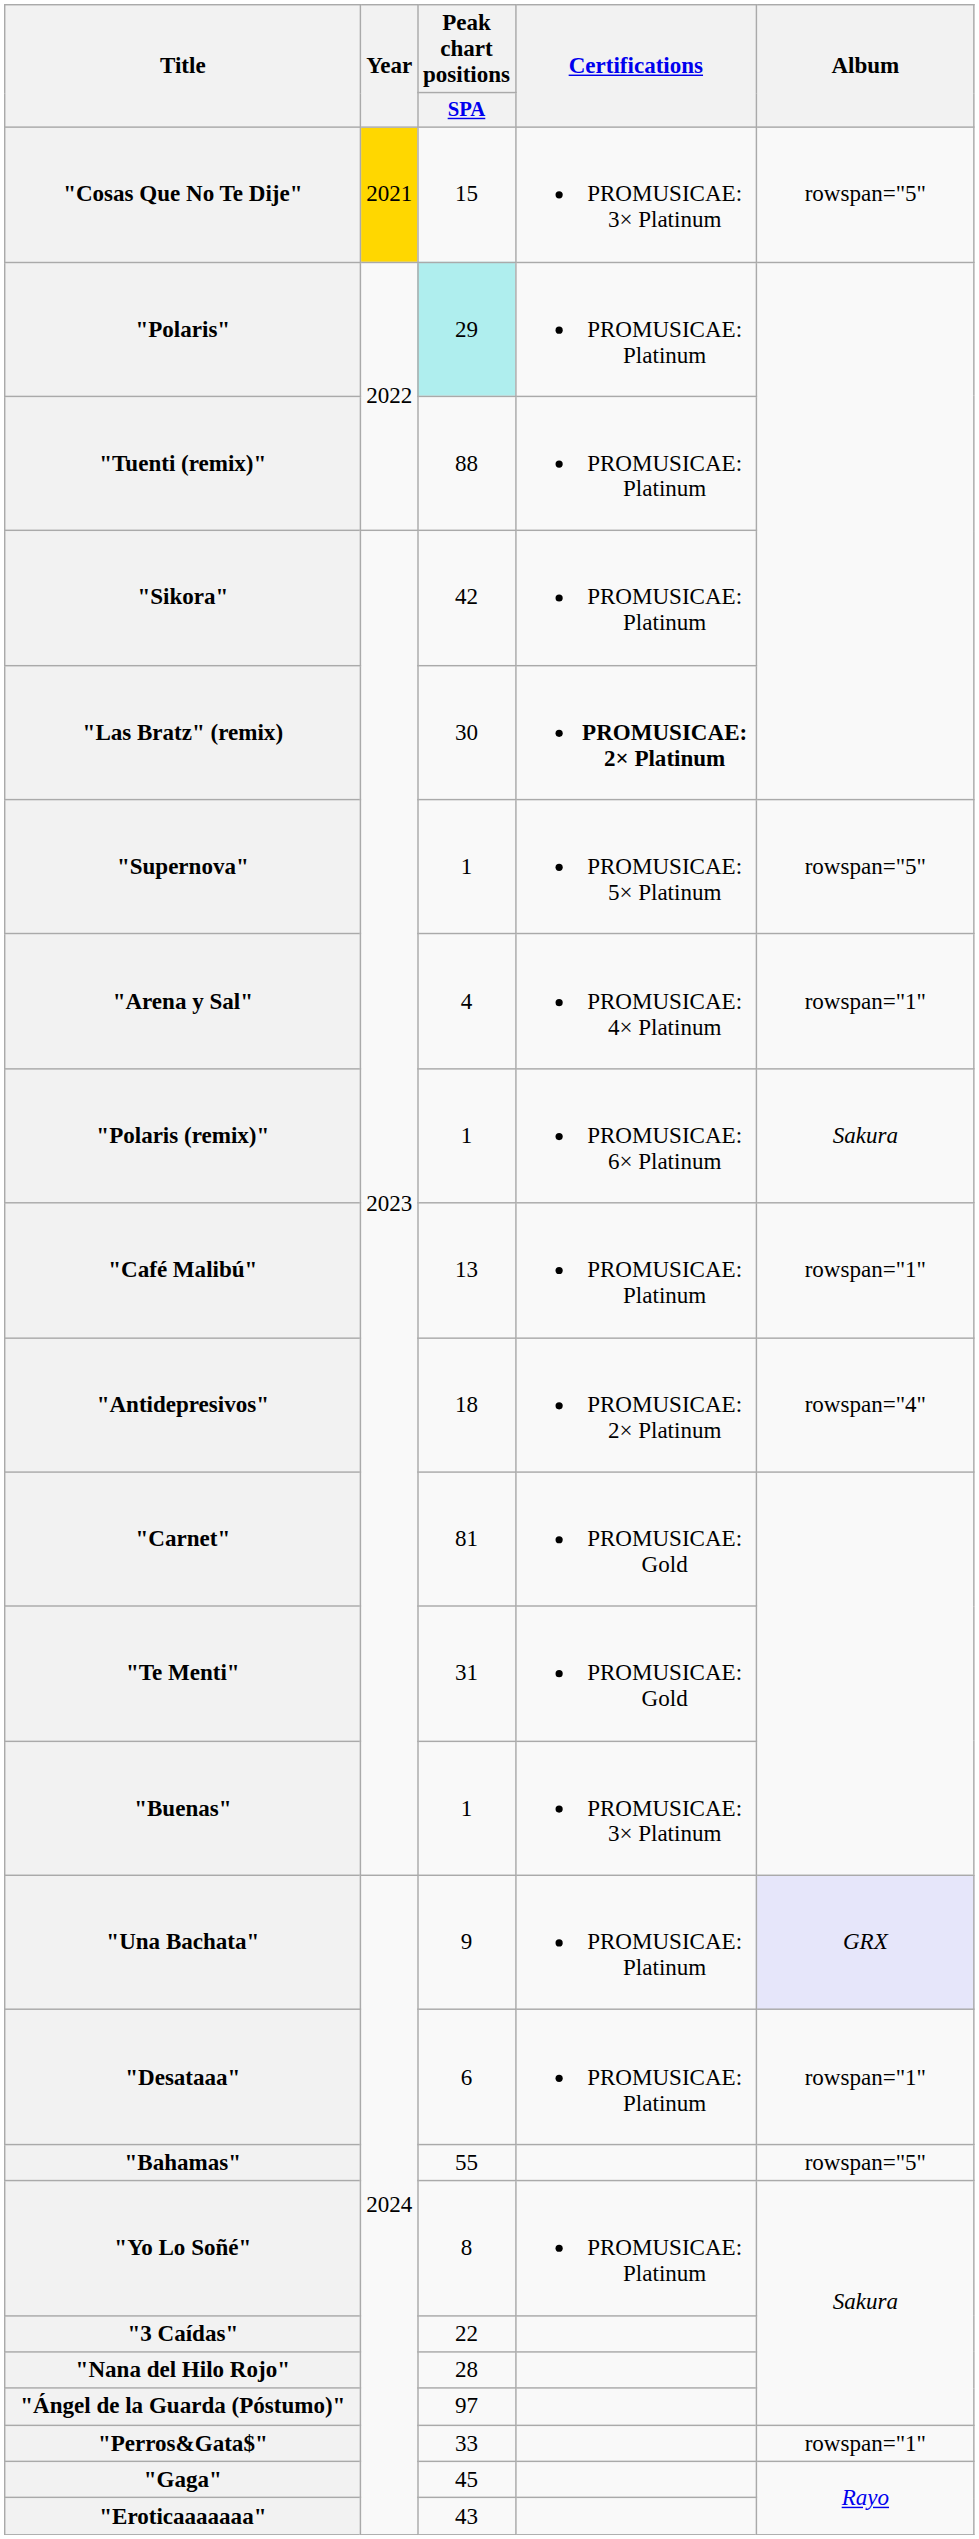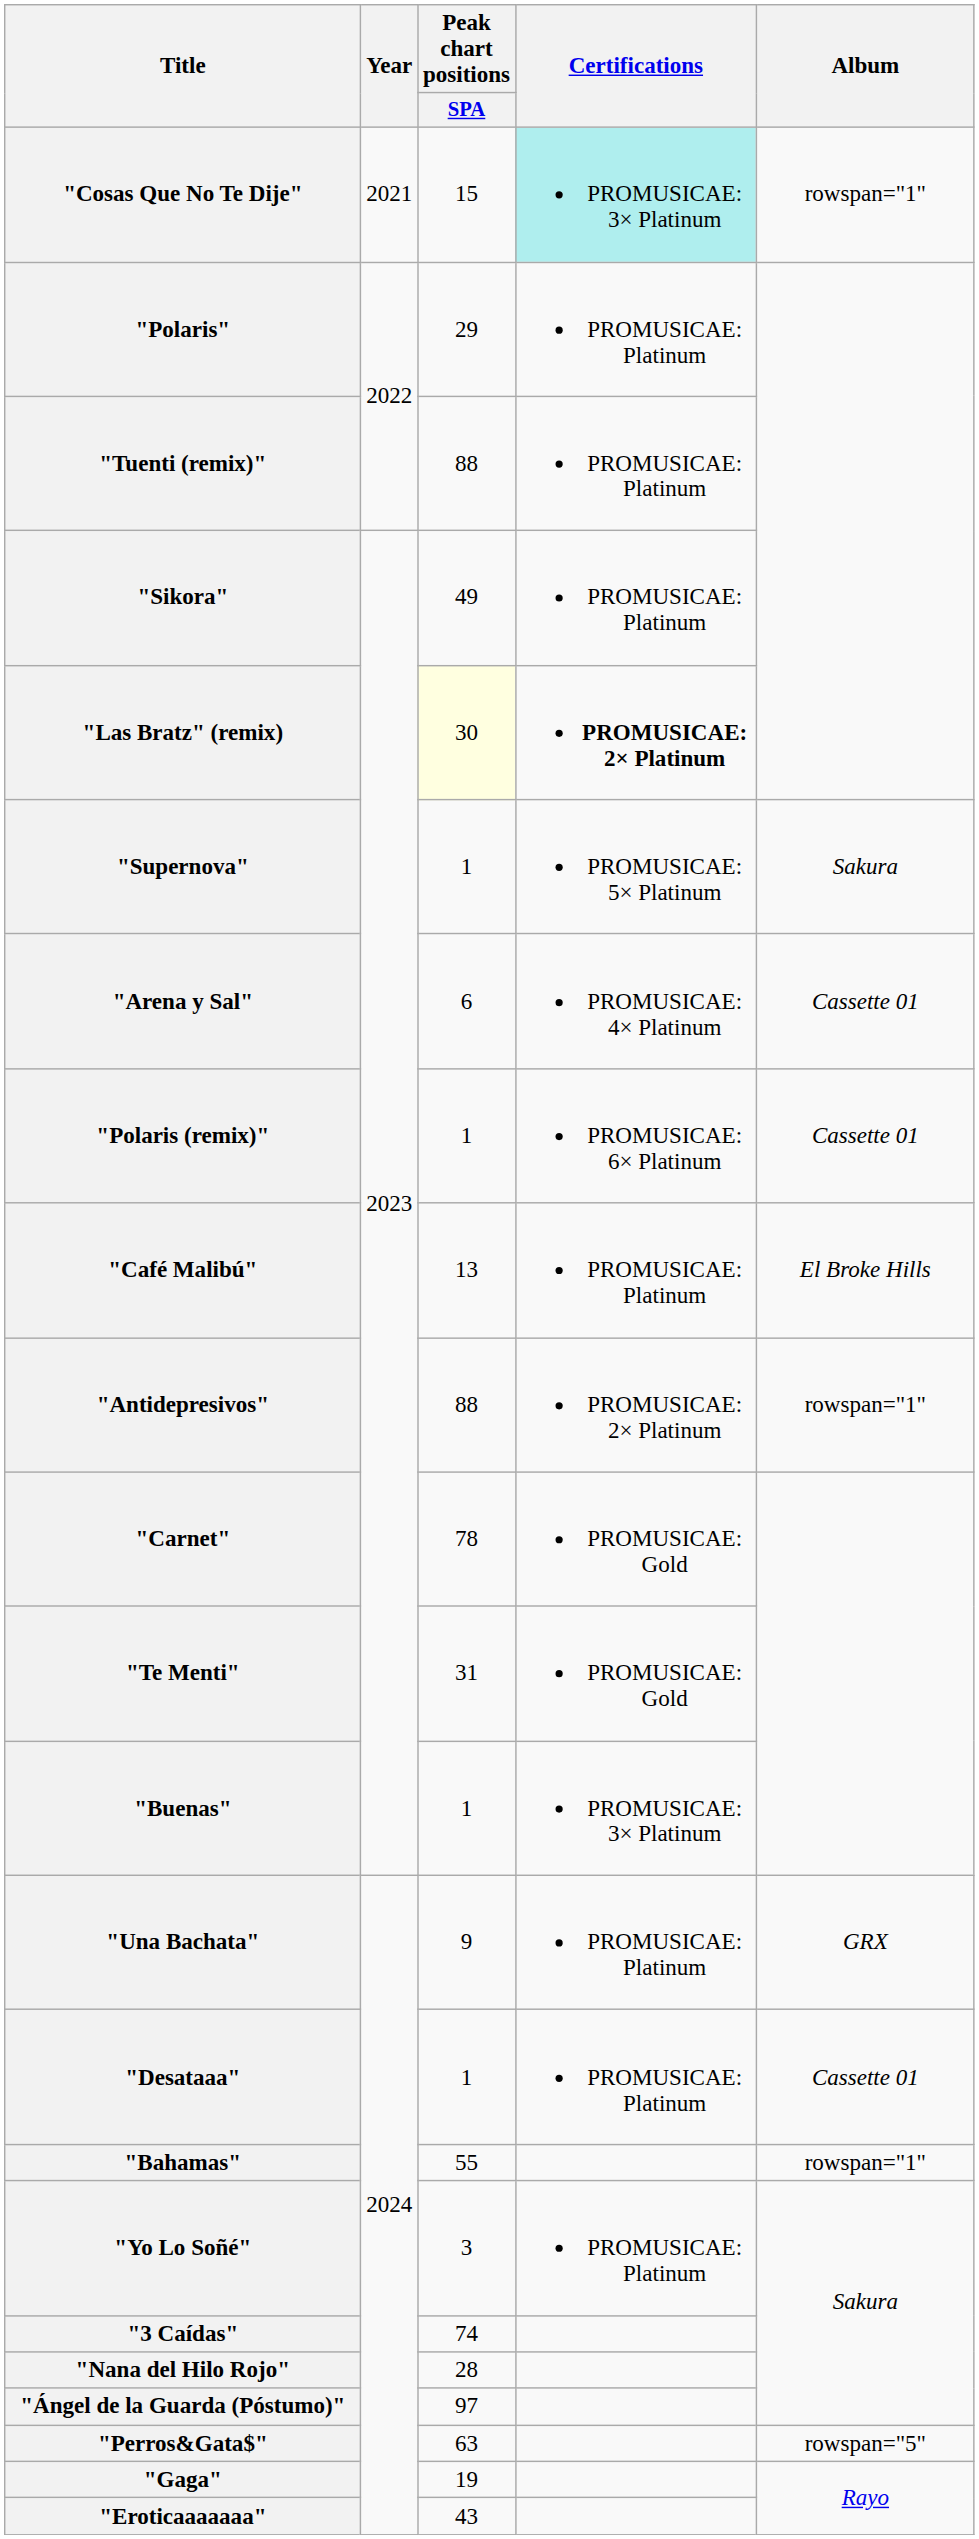 <table class="wikitable plainrowheaders" style="text-align:center;">
 <tr>
 <th scope="col" rowspan="2" style="width:15em;">Title</th>
 <th scope="col" rowspan="2" style="width:1em;">Year</th>
 <th scope="col" colspan="1">Peak chart positions</th>
 <th scope="col" rowspan="2" style="width:10em;"><a href='#'>Certifications</a></th>
 <th scope="col" rowspan="2" style="width:9em;">Album</th>
 </tr>
 <tr>
 <th scope="col" style="width:3em;font-size:90%;"><a href='#'>SPA</a><br></th>
 </tr>
 <tr>
 <th scope="row">"Cosas Que No Te Dije"</th>
-<td rowspan="1" style="background: gold;">2021</td>
+<td rowspan="1">2021</td>
 <td>15</td>
-<td><br><ul><li>PROMUSICAE: 3× Platinum</li></ul></td>
-<td>rowspan="5" </td>
+<td style="background: paleturquoise;"><br><ul><li>PROMUSICAE: 3× Platinum</li></ul></td>
+<td>rowspan="1" </td>
 </tr>
 <tr>
 <th scope="row">"Polaris"<br></th>
 <td rowspan="2">2022</td>
-<td style="background: paleturquoise;">29</td>
+<td>29</td>
 <td><br><ul><li>PROMUSICAE: Platinum</li></ul></td>
 </tr>
 <tr>
 <th scope="row">"Tuenti (remix)"<br></th>
 <td>88</td>
 <td><br><ul><li>PROMUSICAE: Platinum</li></ul></td>
 </tr>
 <tr>
 <th scope="row">"Sikora"<br></th>
 <td rowspan="10">2023</td>
-<td>42</td>
+<td>49</td>
 <td><br><ul><li>PROMUSICAE: Platinum</li></ul></td>
 </tr>
 <tr>
 <th scope="row">"Las Bratz" (remix)<br></th>
-<td>30</td>
+<td style="background: lightyellow;">30</td>
 <td><strong><br><ul><li>PROMUSICAE: 2× Platinum</li></ul></strong></td>
 </tr>
 <tr>
 <th scope="row">"Supernova"</th>
 <td>1</td>
 <td><br><ul><li>PROMUSICAE: 5× Platinum</li></ul></td>
-<td>rowspan="5" </td>
+<td><em>Sakura</em></td>
 </tr>
 <tr>
 <th scope="row">"Arena y Sal"<br></th>
-<td>4</td>
+<td>6</td>
 <td><br><ul><li>PROMUSICAE: 4× Platinum</li></ul></td>
-<td>rowspan="1" </td>
+<td><em>Cassette 01</em></td>
 </tr>
 <tr>
 <th scope="row">"Polaris (remix)"<br></th>
 <td>1</td>
 <td><br><ul><li>PROMUSICAE: 6× Platinum</li></ul></td>
-<td><em>Sakura</em></td>
+<td><em>Cassette 01</em></td>
 </tr>
 <tr>
 <th scope="row">"Café Malibú"<br></th>
 <td>13</td>
 <td><br><ul><li>PROMUSICAE: Platinum</li></ul></td>
+<td><em>El Broke Hills</em></td>
+</tr>
+<tr>
+<th scope="row">"Antidepresivos"</th>
+<td>88</td>
+<td><br><ul><li>PROMUSICAE: 2× Platinum</li></ul></td>
 <td>rowspan="1" </td>
 </tr>
 <tr>
-<th scope="row">"Antidepresivos"</th>
-<td>18</td>
-<td><br><ul><li>PROMUSICAE: 2× Platinum</li></ul></td>
-<td>rowspan="4" </td>
-</tr>
-<tr>
 <th scope="row">"Carnet"<br></th>
-<td>81</td>
+<td>78</td>
 <td><br><ul><li>PROMUSICAE: Gold</li></ul></td>
 </tr>
 <tr>
 <th scope="row">"Te Menti"<br></th>
 <td>31</td>
 <td><br><ul><li>PROMUSICAE: Gold</li></ul></td>
 </tr>
 <tr>
 <th scope="row">"Buenas"<br></th>
 <td>1</td>
 <td><br><ul><li>PROMUSICAE: 3× Platinum</li></ul></td>
 </tr>
 <tr>
 <th scope="row">"Una Bachata"<br></th>
 <td rowspan="10">2024</td>
 <td>9</td>
 <td><br><ul><li>PROMUSICAE: Platinum</li></ul></td>
-<td style="background: lavender;"><em>GRX</em></td>
+<td><em>GRX</em></td>
 </tr>
 <tr>
 <th scope="row">"Desataaa"<br></th>
-<td>6</td>
+<td>1</td>
 <td><br><ul><li>PROMUSICAE: Platinum</li></ul></td>
-<td>rowspan="1" </td>
+<td><em>Cassette 01</em></td>
 </tr>
 <tr>
 <th scope="row">"Bahamas"<br></th>
 <td>55</td>
 <td></td>
-<td>rowspan="5" </td>
+<td>rowspan="1" </td>
 </tr>
 <tr>
 <th scope="row">"Yo Lo Soñé"<br></th>
-<td>8</td>
+<td>3</td>
 <td><br><ul><li>PROMUSICAE: Platinum</li></ul></td>
 <td rowspan="4"><em>Sakura</em></td>
 </tr>
 <tr>
 <th scope="row">"3 Caídas"</th>
-<td>22</td>
+<td>74</td>
 <td></td>
 </tr>
 <tr>
 <th scope="row">"Nana del Hilo Rojo"<br></th>
 <td>28</td>
 <td></td>
 </tr>
 <tr>
 <th scope="row">"Ángel de la Guarda (Póstumo)"</th>
 <td>97</td>
 <td></td>
 </tr>
 <tr>
 <th scope="row">"Perros&Gata$"<br></th>
-<td>33</td>
+<td>63</td>
 <td></td>
-<td>rowspan="1" </td>
+<td>rowspan="5" </td>
 </tr>
 <tr>
 <th scope="row">"Gaga"<br></th>
-<td>45</td>
+<td>19</td>
 <td></td>
 <td rowspan=2><em><a href='#'>Rayo</a></td>
 </tr>
 <tr>
 <th scope="row">"Eroticaaaaaaa"<br></th>
 <td>43</td>
 </tr>
 </table>
